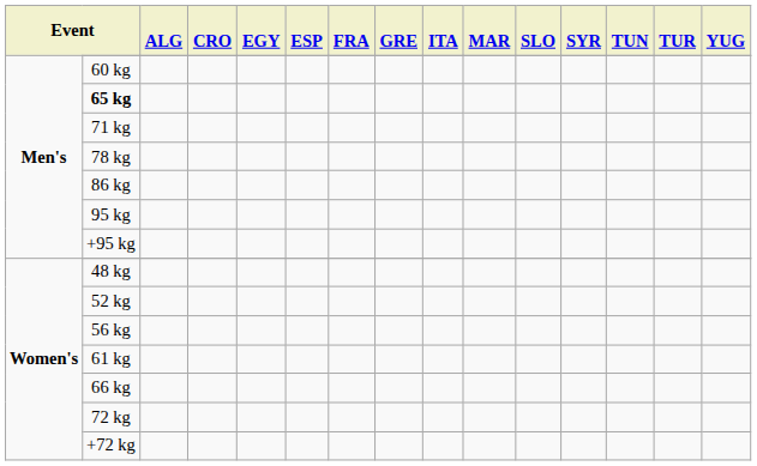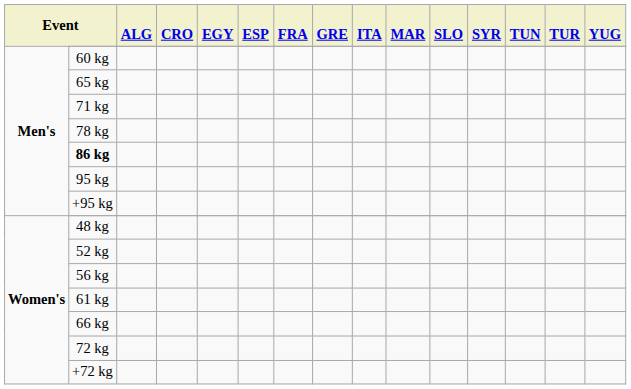 <table class="wikitable" style="margin-top:0em; text-align:center; font-size:89%;">
 <tr>
 <th colspan="2" style="background-color:#f2f2ce; width:15.0em;">Event</th>
 <th style="background-color:#f2f2ce; width:4.5em;"><br><a href='#'>ALG</a></th>
 <th style="background-color:#f2f2ce; width:4.5em;"><br><a href='#'>CRO</a></th>
 <th style="background-color:#f2f2ce; width:4.5em;"><br><a href='#'>EGY</a></th>
 <th style="background-color:#f2f2ce; width:4.5em;"><br><a href='#'>ESP</a></th>
 <th style="background-color:#f2f2ce; width:4.5em;"><br><a href='#'>FRA</a></th>
 <th style="background-color:#f2f2ce; width:4.5em;"><br><a href='#'>GRE</a></th>
 <th style="background-color:#f2f2ce; width:4.5em;"><br><a href='#'>ITA</a></th>
 <th style="background-color:#f2f2ce; width:4.5em;"><br><a href='#'>MAR</a></th>
 <th style="background-color:#f2f2ce; width:4.5em;"><br><a href='#'>SLO</a></th>
 <th style="background-color:#f2f2ce; width:4.5em;"><br><a href='#'>SYR</a></th>
 <th style="background-color:#f2f2ce; width:4.5em;"><br><a href='#'>TUN</a></th>
 <th style="background-color:#f2f2ce; width:4.5em;"><br><a href='#'>TUR</a></th>
 <th style="background-color:#f2f2ce; width:4.5em;"><br><a href='#'>YUG</a></th>
 </tr>
 <tr>
 <td rowspan="8"><strong>Men's</strong></td>
 </tr>
 <tr>
 <td>60 kg</td>
 <td></td>
 <td></td>
 <td></td>
 <td></td>
 <td></td>
 <td></td>
 <td></td>
 <td></td>
 <td></td>
 <td></td>
 <td></td>
 <td></td>
 <td></td>
 </tr>
 <tr>
-<td><strong>65 kg</strong></td>
+<td>65 kg</td>
 <td></td>
 <td></td>
 <td></td>
 <td></td>
 <td></td>
 <td></td>
 <td></td>
 <td></td>
 <td></td>
 <td></td>
 <td></td>
 <td></td>
 <td></td>
 </tr>
 <tr>
 <td>71 kg</td>
 <td></td>
 <td></td>
 <td></td>
 <td></td>
 <td></td>
 <td></td>
 <td></td>
 <td></td>
 <td></td>
 <td></td>
 <td></td>
 <td></td>
 <td></td>
 </tr>
 <tr>
 <td>78 kg</td>
 <td></td>
 <td></td>
 <td></td>
 <td></td>
 <td></td>
 <td></td>
 <td></td>
 <td></td>
 <td></td>
 <td></td>
 <td></td>
 <td></td>
 <td></td>
 </tr>
 <tr>
-<td>86 kg</td>
+<td><strong>86 kg</strong></td>
 <td></td>
 <td></td>
 <td></td>
 <td></td>
 <td></td>
 <td></td>
 <td></td>
 <td></td>
 <td></td>
 <td></td>
 <td></td>
 <td></td>
 <td></td>
 </tr>
 <tr>
 <td>95 kg</td>
 <td></td>
 <td></td>
 <td></td>
 <td></td>
 <td></td>
 <td></td>
 <td></td>
 <td></td>
 <td></td>
 <td></td>
 <td></td>
 <td></td>
 <td></td>
 </tr>
 <tr>
 <td>+95 kg</td>
 <td></td>
 <td></td>
 <td></td>
 <td></td>
 <td></td>
 <td></td>
 <td></td>
 <td></td>
 <td></td>
 <td></td>
 <td></td>
 <td></td>
 <td></td>
 </tr>
 <tr>
 <td rowspan="8"><strong>Women's</strong></td>
 </tr>
 <tr>
 <td>48 kg</td>
 <td></td>
 <td></td>
 <td></td>
 <td></td>
 <td></td>
 <td></td>
 <td></td>
 <td></td>
 <td></td>
 <td></td>
 <td></td>
 <td></td>
 <td></td>
 </tr>
 <tr>
 <td>52 kg</td>
 <td></td>
 <td></td>
 <td></td>
 <td></td>
 <td></td>
 <td></td>
 <td></td>
 <td></td>
 <td></td>
 <td></td>
 <td></td>
 <td></td>
 <td></td>
 </tr>
 <tr>
 <td>56 kg</td>
 <td></td>
 <td></td>
 <td></td>
 <td></td>
 <td></td>
 <td></td>
 <td></td>
 <td></td>
 <td></td>
 <td></td>
 <td></td>
 <td></td>
 <td></td>
 </tr>
 <tr>
 <td>61 kg</td>
 <td></td>
 <td></td>
 <td></td>
 <td></td>
 <td></td>
 <td></td>
 <td></td>
 <td></td>
 <td></td>
 <td></td>
 <td></td>
 <td></td>
 <td></td>
 </tr>
 <tr>
 <td>66 kg</td>
 <td></td>
 <td></td>
 <td></td>
 <td></td>
 <td></td>
 <td></td>
 <td></td>
 <td></td>
 <td></td>
 <td></td>
 <td></td>
 <td></td>
 <td></td>
 </tr>
 <tr>
 <td>72 kg</td>
 <td></td>
 <td></td>
 <td></td>
 <td></td>
 <td></td>
 <td></td>
 <td></td>
 <td></td>
 <td></td>
 <td></td>
 <td></td>
 <td></td>
 <td></td>
 </tr>
 <tr>
 <td>+72 kg</td>
 <td></td>
 <td></td>
 <td></td>
 <td></td>
 <td></td>
 <td></td>
 <td></td>
 <td></td>
 <td></td>
 <td></td>
 <td></td>
 <td></td>
 <td></td>
 </tr>
 </table>
